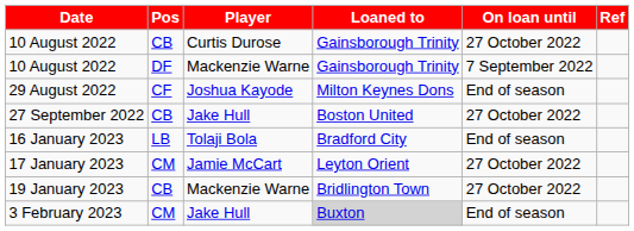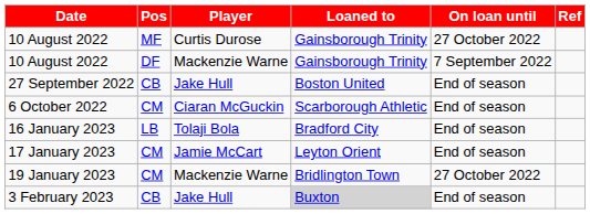 <table class="wikitable plainrowheaders sortable">
 <tr>
 <th style="background:#FF0000; color:#ffffff; ">Date</th>
 <th style="background:#FF0000; color:#ffffff; ">Pos</th>
 <th style="background:#FF0000; color:#ffffff; ">Player</th>
 <th style="background:#FF0000; color:#ffffff; ">Loaned to</th>
 <th style="background:#FF0000; color:#ffffff; ">On loan until</th>
 <th style="background:#FF0000; color:#ffffff; ">Ref</th>
 </tr>
 <tr>
 <td>10 August 2022</td>
-<td><a href='#'>CB</a></td>
+<td><a href='#'>MF</a></td>
 <td> Curtis Durose</td>
 <td> <a href='#'>Gainsborough Trinity</a></td>
 <td>27 October 2022</td>
 <td></td>
 </tr>
 <tr>
 <td>10 August 2022</td>
 <td><a href='#'>DF</a></td>
 <td> Mackenzie Warne</td>
 <td> <a href='#'>Gainsborough Trinity</a></td>
 <td>7 September 2022</td>
 <td></td>
 </tr>
 <tr>
-<td>29 August 2022</td>
-<td><a href='#'>CF</a></td>
-<td> <a href='#'>Joshua Kayode</a></td>
-<td> <a href='#'>Milton Keynes Dons</a></td>
+<td>27 September 2022</td>
+<td><a href='#'>CB</a></td>
+<td> <a href='#'>Jake Hull</a></td>
+<td> <a href='#'>Boston United</a></td>
 <td>End of season</td>
 <td></td>
 </tr>
 <tr>
-<td>27 September 2022</td>
-<td><a href='#'>CB</a></td>
-<td> <a href='#'>Jake Hull</a></td>
-<td> <a href='#'>Boston United</a></td>
-<td>27 October 2022</td>
+<td>6 October 2022</td>
+<td><a href='#'>CM</a></td>
+<td> <a href='#'>Ciaran McGuckin</a></td>
+<td> <a href='#'>Scarborough Athletic</a></td>
+<td>End of season</td>
 <td></td>
 </tr>
 <tr>
 <td>16 January 2023</td>
 <td><a href='#'>LB</a></td>
 <td> <a href='#'>Tolaji Bola</a></td>
 <td> <a href='#'>Bradford City</a></td>
 <td>End of season</td>
 <td></td>
 </tr>
 <tr>
 <td>17 January 2023</td>
 <td><a href='#'>CM</a></td>
 <td> <a href='#'>Jamie McCart</a></td>
 <td> <a href='#'>Leyton Orient</a></td>
-<td>27 October 2022</td>
+<td>End of season</td>
 <td></td>
 </tr>
 <tr>
 <td>19 January 2023</td>
-<td><a href='#'>CB</a></td>
+<td><a href='#'>CM</a></td>
 <td> Mackenzie Warne</td>
 <td> <a href='#'>Bridlington Town</a></td>
 <td>27 October 2022</td>
 <td></td>
 </tr>
 <tr>
 <td>3 February 2023</td>
-<td><a href='#'>CM</a></td>
+<td><a href='#'>CB</a></td>
 <td> <a href='#'>Jake Hull</a></td>
 <td style="background: lightgrey;"> <a href='#'>Buxton</a></td>
 <td>End of season</td>
 <td></td>
 </tr>
 </table>
